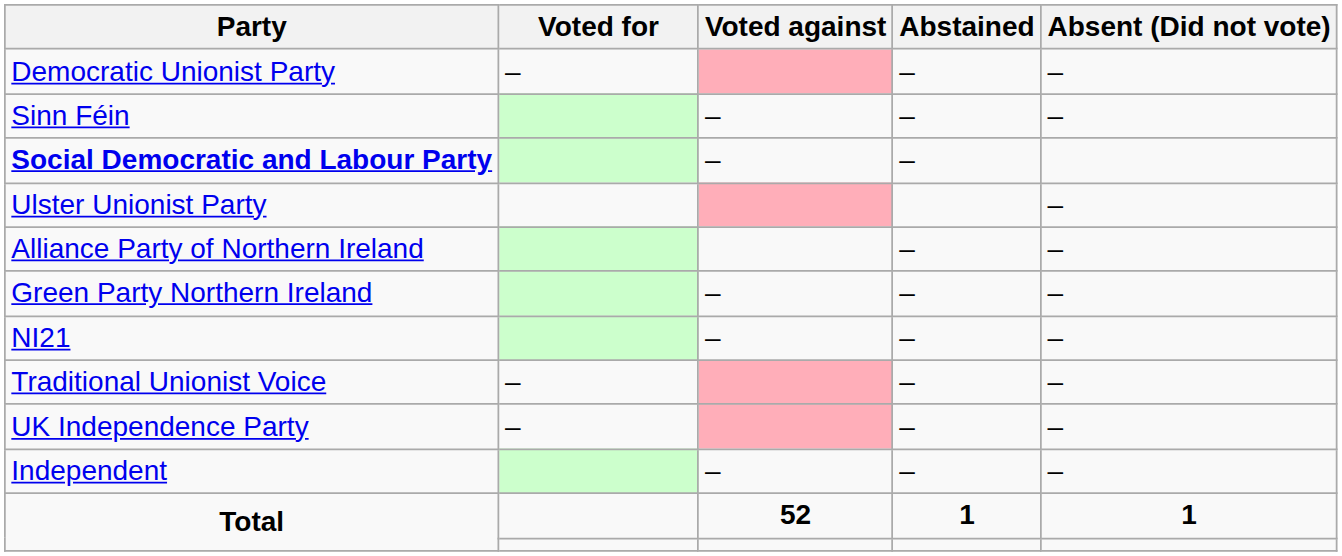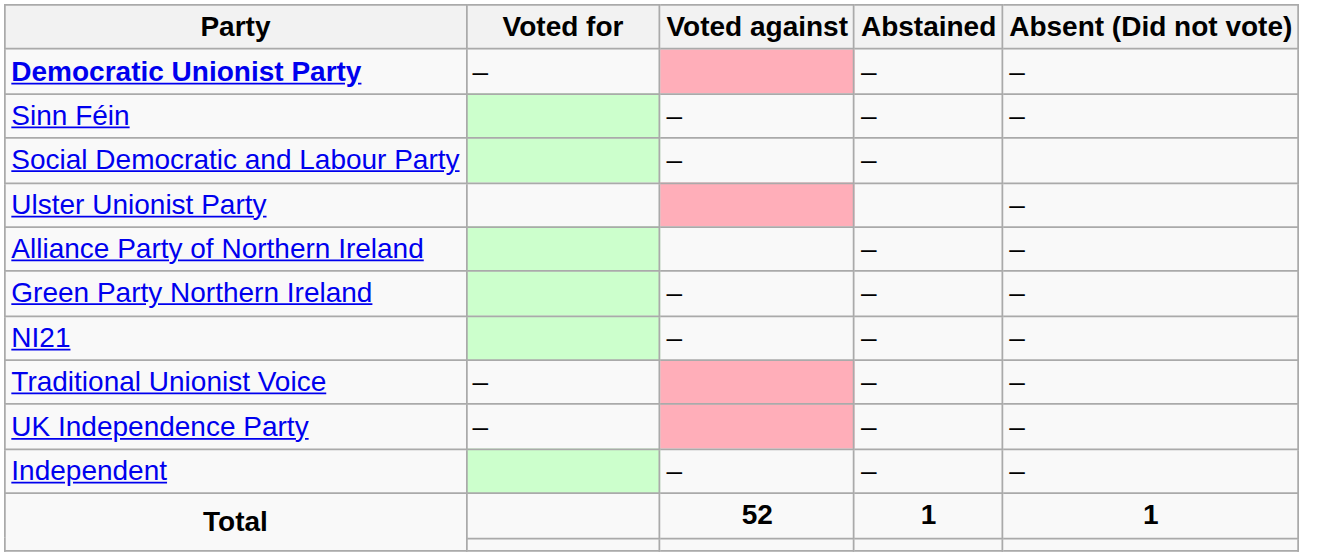 <table class="wikitable">
 <tr>
 <th>Party</th>
 <th style="width:15%;">Voted for</th>
 <th>Voted against</th>
 <th>Abstained</th>
 <th>Absent (Did not vote)</th>
 </tr>
 <tr>
-<td> <a href='#'>Democratic Unionist Party</a></td>
+<td><strong> <a href='#'>Democratic Unionist Party</a></strong></td>
 <td>–</td>
 <td style="background-color:#FFAEB9;"></td>
 <td>–</td>
 <td>–</td>
 </tr>
 <tr>
 <td> <a href='#'>Sinn Féin</a></td>
 <td style="background-color:#CCFFCC;"></td>
 <td>–</td>
 <td>–</td>
 <td>–</td>
 </tr>
 <tr>
-<td><strong> <a href='#'>Social Democratic and Labour Party</a></strong></td>
+<td> <a href='#'>Social Democratic and Labour Party</a></td>
 <td style="background-color:#CCFFCC;"></td>
 <td>–</td>
 <td>–</td>
 <td></td>
 </tr>
 <tr>
 <td> <a href='#'>Ulster Unionist Party</a></td>
 <td></td>
 <td style="background-color:#FFAEB9;"></td>
 <td></td>
 <td>–</td>
 </tr>
 <tr>
 <td> <a href='#'>Alliance Party of Northern Ireland</a></td>
 <td style="background-color:#CCFFCC;"></td>
 <td></td>
 <td>–</td>
 <td>–</td>
 </tr>
 <tr>
 <td> <a href='#'>Green Party Northern Ireland</a></td>
 <td style="background-color:#CCFFCC;"></td>
 <td>–</td>
 <td>–</td>
 <td>–</td>
 </tr>
 <tr>
 <td> <a href='#'>NI21</a></td>
 <td style="background-color:#CCFFCC;"></td>
 <td>–</td>
 <td>–</td>
 <td>–</td>
 </tr>
 <tr>
 <td> <a href='#'>Traditional Unionist Voice</a></td>
 <td>–</td>
 <td style="background-color:#FFAEB9;"></td>
 <td>–</td>
 <td>–</td>
 </tr>
 <tr>
 <td> <a href='#'>UK Independence Party</a></td>
 <td>–</td>
 <td style="background-color:#FFAEB9;"></td>
 <td>–</td>
 <td>–</td>
 </tr>
 <tr>
 <td> <a href='#'>Independent</a></td>
 <td style="background-color:#CCFFCC;"></td>
 <td>–</td>
 <td>–</td>
 <td>–</td>
 </tr>
 <tr>
 <td style="text-align:center;" rowspan="2"><strong>Total</strong></td>
 <td></td>
 <td style="text-align:center;"><strong>52</strong></td>
 <td style="text-align:center;"><strong>1</strong></td>
 <td style="text-align:center;"><strong>1</strong></td>
 </tr>
 <tr>
 <td style="text-align:center;"></td>
 <td style="text-align:center;"></td>
 <td style="text-align:center;"></td>
 <td style="text-align:center;"></td>
 </tr>
 </table>
